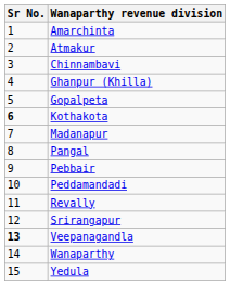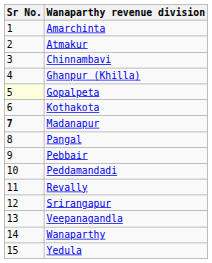 <table class="wikitable">
 <tr>
 <th>Sr No.</th>
 <th>Wanaparthy revenue division</th>
 </tr>
 <tr>
 <td>1</td>
 <td><a href='#'>Amarchinta</a></td>
 </tr>
 <tr>
 <td>2</td>
 <td><a href='#'>Atmakur</a></td>
 </tr>
 <tr>
 <td>3</td>
 <td><a href='#'>Chinnambavi</a></td>
 </tr>
 <tr>
 <td>4</td>
 <td><a href='#'>Ghanpur (Khilla)</a></td>
 </tr>
 <tr>
-<td>5</td>
+<td style="background: lightyellow;">5</td>
 <td><a href='#'>Gopalpeta</a></td>
 </tr>
 <tr>
-<td><strong>6</strong></td>
+<td>6</td>
 <td><a href='#'>Kothakota</a></td>
 </tr>
 <tr>
-<td>7</td>
+<td><strong>7</strong></td>
 <td><a href='#'>Madanapur</a></td>
 </tr>
 <tr>
 <td>8</td>
 <td><a href='#'>Pangal</a></td>
 </tr>
 <tr>
 <td>9</td>
 <td><a href='#'>Pebbair</a></td>
 </tr>
 <tr>
 <td>10</td>
 <td><a href='#'>Peddamandadi</a></td>
 </tr>
 <tr>
 <td>11</td>
 <td><a href='#'>Revally</a></td>
 </tr>
 <tr>
 <td>12</td>
 <td><a href='#'>Srirangapur</a></td>
 </tr>
 <tr>
-<td><strong>13</strong></td>
+<td>13</td>
 <td><a href='#'>Veepanagandla</a></td>
 </tr>
 <tr>
 <td>14</td>
 <td><a href='#'>Wanaparthy</a></td>
 </tr>
 <tr>
 <td>15</td>
 <td><a href='#'>Yedula</a></td>
 </tr>
 </table>
